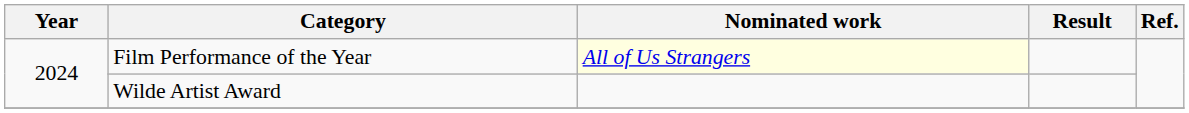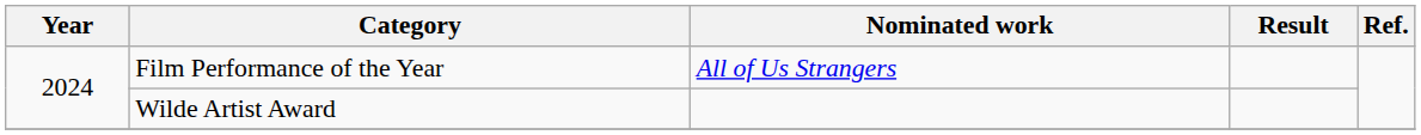 <table class=wikitable>
 <tr>
 <th scope="col" style="width:5em;">Year</th>
 <th scope="col" style="width:26em;">Category</th>
 <th scope="col" style="width:25em;">Nominated work</th>
 <th scope="col" style="width:5em;">Result</th>
 <th>Ref.</th>
 </tr>
 <tr>
 <td rowspan=2 align="center">2024</td>
 <td>Film Performance of the Year</td>
-<td style="background: lightyellow;"><em><a href='#'>All of Us Strangers</a></em></td>
+<td><em><a href='#'>All of Us Strangers</a></em></td>
 <td></td>
 <td rowspan=2 align="center"></td>
 </tr>
 <tr>
 <td>Wilde Artist Award</td>
 <td></td>
 <td></td>
 </tr>
 <tr>
 </tr>
 </table>
